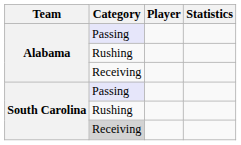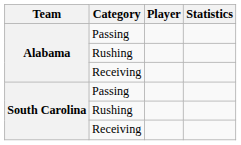 <table class="wikitable" style="float:right">
 <tr>
 <th>Team</th>
 <th>Category</th>
 <th>Player</th>
 <th>Statistics</th>
 </tr>
 <tr>
 <th rowspan=3>Alabama</th>
-<td style="background: lavender;">Passing</td>
+<td>Passing</td>
 <td></td>
 <td></td>
 </tr>
 <tr>
 <td>Rushing</td>
 <td></td>
 <td></td>
 </tr>
 <tr>
 <td>Receiving</td>
 <td></td>
 <td></td>
 </tr>
 <tr>
 <th rowspan=3>South Carolina</th>
-<td style="background: lavender;">Passing</td>
+<td>Passing</td>
 <td></td>
 <td></td>
 </tr>
 <tr>
 <td>Rushing</td>
 <td></td>
 <td></td>
 </tr>
 <tr>
-<td style="background: lightgrey;">Receiving</td>
+<td>Receiving</td>
 <td></td>
 <td></td>
 </tr>
 </table>
